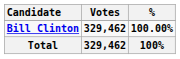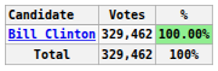 <table class="wikitable sortable plainrowheaders" style="text-align:right;">
 <tr>
 <th style="text-align:left;">Candidate</th>
 <th>Votes</th>
 <th>%</th>
 </tr>
 <tr>
 </tr>
 <tr>
 <td style="text-align:left;"><strong><a href='#'>Bill Clinton</a></strong></td>
 <td><strong>329,462</strong></td>
-<td><strong>100.00%</strong></td>
+<td style="background: lightgreen;"><strong>100.00%</strong></td>
 </tr>
 <tr class="sortbottom">
 <th>Total</th>
 <th>329,462</th>
 <th>100%</th>
 </tr>
 </table>
